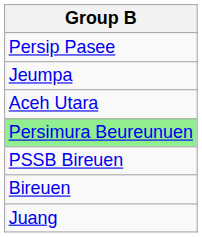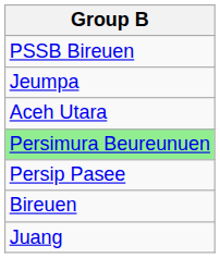 <table class="wikitable">
 <tr>
 <th><strong>Group B</strong></th>
 </tr>
 <tr>
-<td><a href='#'>Persip Pasee</a></td>
+<td><a href='#'>PSSB Bireuen</a></td>
 </tr>
 <tr>
 <td><a href='#'>Jeumpa</a></td>
 </tr>
 <tr>
 <td><a href='#'>Aceh Utara</a></td>
 </tr>
 <tr>
 <td style="background: lightgreen;"><a href='#'>Persimura Beureunuen</a></td>
 </tr>
 <tr>
-<td><a href='#'>PSSB Bireuen</a></td>
+<td><a href='#'>Persip Pasee</a></td>
 </tr>
 <tr>
 <td><a href='#'>Bireuen</a></td>
 </tr>
 <tr>
 <td><a href='#'>Juang</a></td>
 </tr>
 </table>
